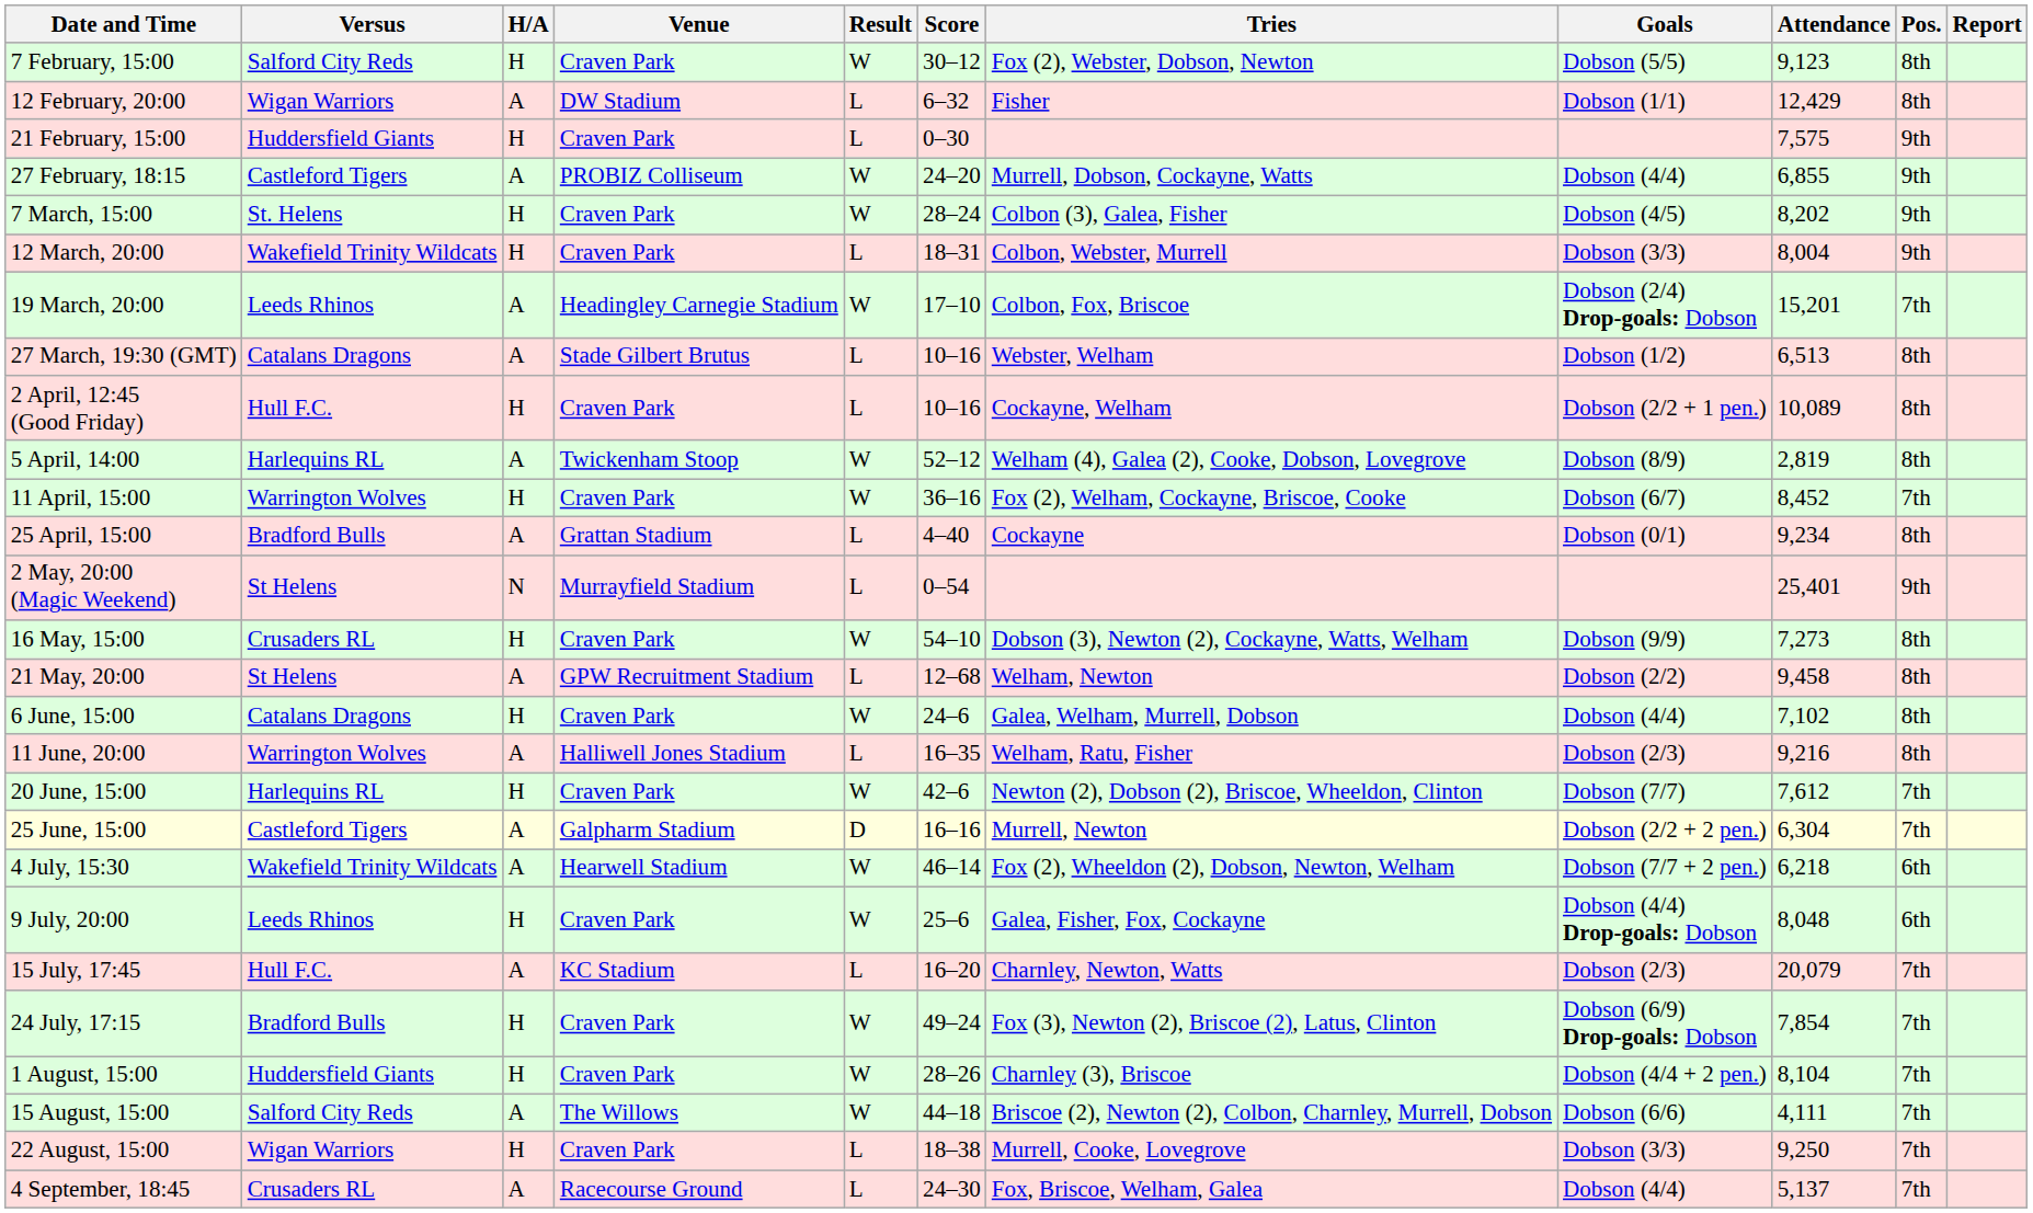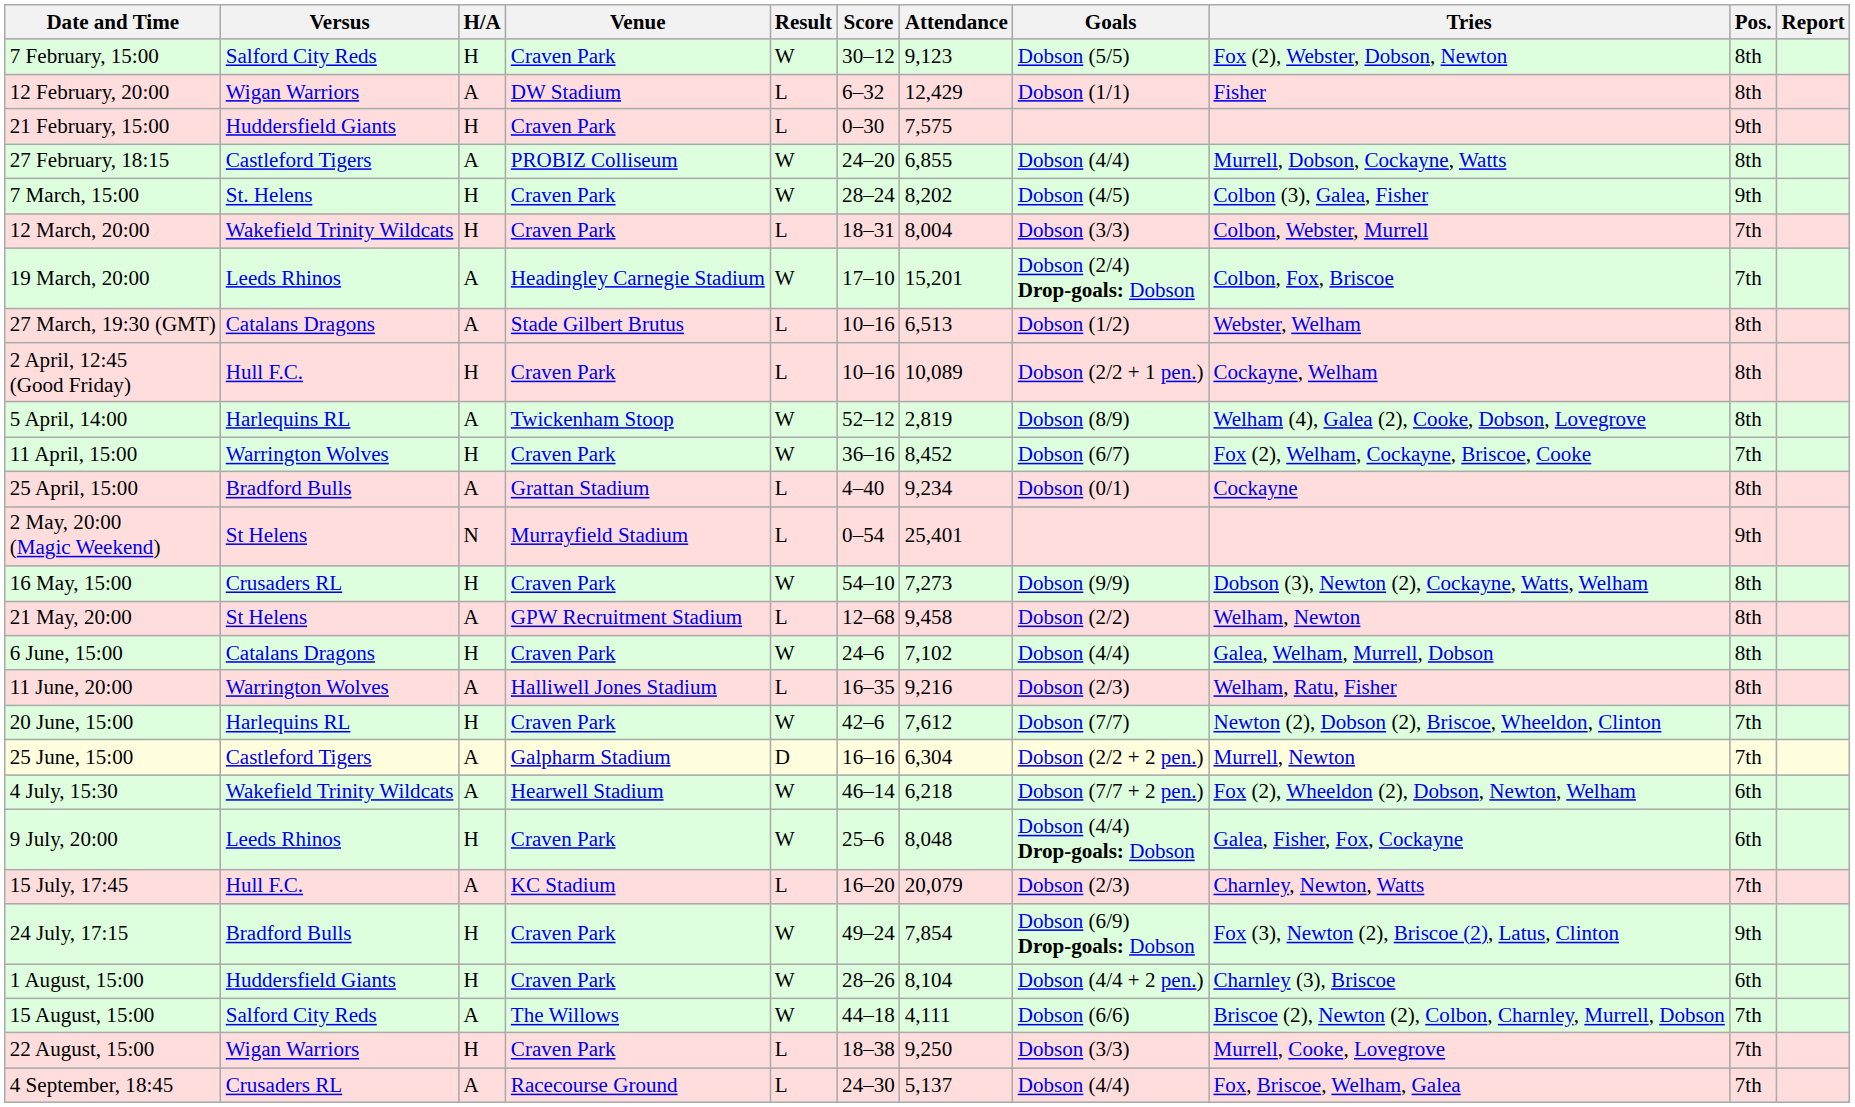 <table class="wikitable" style="font-size:85%;">
 <tr>
 <th>Date and Time</th>
 <th>Versus</th>
 <th>H/A</th>
 <th>Venue</th>
 <th>Result</th>
 <th>Score</th>
+<th>Attendance</th>
+<th>Goals</th>
 <th>Tries</th>
-<th>Goals</th>
-<th>Attendance</th>
 <th>Pos.</th>
 <th>Report</th>
 </tr>
 <tr style="background:#ddffdd">
 <td>7 February, 15:00</td>
 <td> <a href='#'>Salford City Reds</a></td>
 <td>H</td>
 <td><a href='#'>Craven Park</a></td>
 <td>W</td>
 <td>30–12</td>
+<td>9,123</td>
+<td><a href='#'>Dobson</a> (5/5)</td>
 <td><a href='#'>Fox</a> (2), <a href='#'>Webster</a>, <a href='#'>Dobson</a>, <a href='#'>Newton</a></td>
-<td><a href='#'>Dobson</a> (5/5)</td>
-<td>9,123</td>
 <td>8th</td>
 <td></td>
 </tr>
 <tr style="background:#ffdddd">
 <td>12 February, 20:00</td>
 <td> <a href='#'>Wigan Warriors</a></td>
 <td>A</td>
 <td><a href='#'>DW Stadium</a></td>
 <td>L</td>
 <td>6–32</td>
+<td>12,429</td>
+<td><a href='#'>Dobson</a> (1/1)</td>
 <td><a href='#'>Fisher</a></td>
-<td><a href='#'>Dobson</a> (1/1)</td>
-<td>12,429</td>
 <td>8th</td>
 <td></td>
 </tr>
 <tr style="background:#ffdddd">
 <td>21 February, 15:00</td>
 <td> <a href='#'>Huddersfield Giants</a></td>
 <td>H</td>
 <td><a href='#'>Craven Park</a></td>
 <td>L</td>
 <td>0–30</td>
+<td>7,575</td>
 <td></td>
 <td></td>
-<td>7,575</td>
 <td>9th</td>
 <td></td>
 </tr>
 <tr style="background:#ddffdd">
 <td>27 February, 18:15</td>
 <td> <a href='#'>Castleford Tigers</a></td>
 <td>A</td>
 <td><a href='#'>PROBIZ Colliseum</a></td>
 <td>W</td>
 <td>24–20</td>
+<td>6,855</td>
+<td><a href='#'>Dobson</a> (4/4)</td>
 <td><a href='#'>Murrell</a>, <a href='#'>Dobson</a>, <a href='#'>Cockayne</a>, <a href='#'>Watts</a></td>
-<td><a href='#'>Dobson</a> (4/4)</td>
-<td>6,855</td>
-<td>9th</td>
+<td>8th</td>
 <td></td>
 </tr>
 <tr style="background:#ddffdd">
 <td>7 March, 15:00</td>
 <td> <a href='#'>St. Helens</a></td>
 <td>H</td>
 <td><a href='#'>Craven Park</a></td>
 <td>W</td>
 <td>28–24</td>
+<td>8,202</td>
+<td><a href='#'>Dobson</a> (4/5)</td>
 <td><a href='#'>Colbon</a> (3), <a href='#'>Galea</a>, <a href='#'>Fisher</a></td>
-<td><a href='#'>Dobson</a> (4/5)</td>
-<td>8,202</td>
 <td>9th</td>
 <td></td>
 </tr>
 <tr style="background:#ffdddd">
 <td>12 March, 20:00</td>
 <td> <a href='#'>Wakefield Trinity Wildcats</a></td>
 <td>H</td>
 <td><a href='#'>Craven Park</a></td>
 <td>L</td>
 <td>18–31</td>
+<td>8,004</td>
+<td><a href='#'>Dobson</a> (3/3)</td>
 <td><a href='#'>Colbon</a>, <a href='#'>Webster</a>, <a href='#'>Murrell</a></td>
-<td><a href='#'>Dobson</a> (3/3)</td>
-<td>8,004</td>
-<td>9th</td>
+<td>7th</td>
 <td></td>
 </tr>
 <tr style="background:#ddffdd">
 <td>19 March, 20:00</td>
 <td> <a href='#'>Leeds Rhinos</a></td>
 <td>A</td>
 <td><a href='#'>Headingley Carnegie Stadium</a></td>
 <td>W</td>
 <td>17–10</td>
+<td>15,201</td>
+<td><a href='#'>Dobson</a> (2/4)<br><strong>Drop-goals:</strong> <a href='#'>Dobson</a></td>
 <td><a href='#'>Colbon</a>, <a href='#'>Fox</a>, <a href='#'>Briscoe</a></td>
-<td><a href='#'>Dobson</a> (2/4)<br><strong>Drop-goals:</strong> <a href='#'>Dobson</a></td>
-<td>15,201</td>
 <td>7th</td>
 <td></td>
 </tr>
 <tr style="background:#ffdddd">
 <td>27 March, 19:30 (GMT)</td>
 <td> <a href='#'>Catalans Dragons</a></td>
 <td>A</td>
 <td><a href='#'>Stade Gilbert Brutus</a></td>
 <td>L</td>
 <td>10–16</td>
+<td>6,513</td>
+<td><a href='#'>Dobson</a> (1/2)</td>
 <td><a href='#'>Webster</a>, <a href='#'>Welham</a></td>
-<td><a href='#'>Dobson</a> (1/2)</td>
-<td>6,513</td>
 <td>8th</td>
 <td></td>
 </tr>
 <tr style="background:#ffdddd">
 <td>2 April, 12:45<br>(Good Friday)</td>
 <td> <a href='#'>Hull F.C.</a></td>
 <td>H</td>
 <td><a href='#'>Craven Park</a></td>
 <td>L</td>
 <td>10–16</td>
+<td>10,089</td>
+<td><a href='#'>Dobson</a> (2/2 + 1 <a href='#'>pen.</a>)</td>
 <td><a href='#'>Cockayne</a>, <a href='#'>Welham</a></td>
-<td><a href='#'>Dobson</a> (2/2 + 1 <a href='#'>pen.</a>)</td>
-<td>10,089</td>
 <td>8th</td>
 <td></td>
 </tr>
 <tr style="background:#ddffdd">
 <td>5 April, 14:00</td>
 <td> <a href='#'>Harlequins RL</a></td>
 <td>A</td>
 <td><a href='#'>Twickenham Stoop</a></td>
 <td>W</td>
 <td>52–12</td>
+<td>2,819</td>
+<td><a href='#'>Dobson</a> (8/9)</td>
 <td><a href='#'>Welham</a> (4), <a href='#'>Galea</a> (2), <a href='#'>Cooke</a>, <a href='#'>Dobson</a>, <a href='#'>Lovegrove</a></td>
-<td><a href='#'>Dobson</a> (8/9)</td>
-<td>2,819</td>
 <td>8th</td>
 <td></td>
 </tr>
 <tr style="background:#ddffdd">
 <td>11 April, 15:00</td>
 <td> <a href='#'>Warrington Wolves</a></td>
 <td>H</td>
 <td><a href='#'>Craven Park</a></td>
 <td>W</td>
 <td>36–16</td>
+<td>8,452</td>
+<td><a href='#'>Dobson</a> (6/7)</td>
 <td><a href='#'>Fox</a> (2), <a href='#'>Welham</a>, <a href='#'>Cockayne</a>, <a href='#'>Briscoe</a>, <a href='#'>Cooke</a></td>
-<td><a href='#'>Dobson</a> (6/7)</td>
-<td>8,452</td>
 <td>7th</td>
 <td></td>
 </tr>
 <tr style="background:#ffdddd">
 <td>25 April, 15:00</td>
 <td> <a href='#'>Bradford Bulls</a></td>
 <td>A</td>
 <td><a href='#'>Grattan Stadium</a></td>
 <td>L</td>
 <td>4–40</td>
+<td>9,234</td>
+<td><a href='#'>Dobson</a> (0/1)</td>
 <td><a href='#'>Cockayne</a></td>
-<td><a href='#'>Dobson</a> (0/1)</td>
-<td>9,234</td>
 <td>8th</td>
 <td></td>
 </tr>
 <tr style="background:#ffdddd">
 <td>2 May, 20:00<br>(<a href='#'>Magic Weekend</a>)</td>
 <td> <a href='#'>St Helens</a></td>
 <td>N</td>
 <td><a href='#'>Murrayfield Stadium</a></td>
 <td>L</td>
 <td>0–54</td>
+<td>25,401</td>
 <td></td>
 <td></td>
-<td>25,401</td>
 <td>9th</td>
 <td></td>
 </tr>
 <tr style="background:#ddffdd">
 <td>16 May, 15:00</td>
 <td> <a href='#'>Crusaders RL</a></td>
 <td>H</td>
 <td><a href='#'>Craven Park</a></td>
 <td>W</td>
 <td>54–10</td>
+<td>7,273</td>
+<td><a href='#'>Dobson</a> (9/9)</td>
 <td><a href='#'>Dobson</a> (3), <a href='#'>Newton</a> (2), <a href='#'>Cockayne</a>, <a href='#'>Watts</a>, <a href='#'>Welham</a></td>
-<td><a href='#'>Dobson</a> (9/9)</td>
-<td>7,273</td>
 <td>8th</td>
 <td></td>
 </tr>
 <tr style="background:#ffdddd">
 <td>21 May, 20:00</td>
 <td> <a href='#'>St Helens</a></td>
 <td>A</td>
 <td><a href='#'>GPW Recruitment Stadium</a></td>
 <td>L</td>
 <td>12–68</td>
+<td>9,458</td>
+<td><a href='#'>Dobson</a> (2/2)</td>
 <td><a href='#'>Welham</a>, <a href='#'>Newton</a></td>
-<td><a href='#'>Dobson</a> (2/2)</td>
-<td>9,458</td>
 <td>8th</td>
 <td></td>
 </tr>
 <tr style="background:#ddffdd">
 <td>6 June, 15:00</td>
 <td> <a href='#'>Catalans Dragons</a></td>
 <td>H</td>
 <td><a href='#'>Craven Park</a></td>
 <td>W</td>
 <td>24–6</td>
+<td>7,102</td>
+<td><a href='#'>Dobson</a> (4/4)</td>
 <td><a href='#'>Galea</a>, <a href='#'>Welham</a>, <a href='#'>Murrell</a>, <a href='#'>Dobson</a></td>
-<td><a href='#'>Dobson</a> (4/4)</td>
-<td>7,102</td>
 <td>8th</td>
 <td></td>
 </tr>
 <tr style="background:#ffdddd">
 <td>11 June, 20:00</td>
 <td> <a href='#'>Warrington Wolves</a></td>
 <td>A</td>
 <td><a href='#'>Halliwell Jones Stadium</a></td>
 <td>L</td>
 <td>16–35</td>
+<td>9,216</td>
+<td><a href='#'>Dobson</a> (2/3)</td>
 <td><a href='#'>Welham</a>, <a href='#'>Ratu</a>, <a href='#'>Fisher</a></td>
-<td><a href='#'>Dobson</a> (2/3)</td>
-<td>9,216</td>
 <td>8th</td>
 <td></td>
 </tr>
 <tr style="background:#ddffdd">
 <td>20 June, 15:00</td>
 <td> <a href='#'>Harlequins RL</a></td>
 <td>H</td>
 <td><a href='#'>Craven Park</a></td>
 <td>W</td>
 <td>42–6</td>
+<td>7,612</td>
+<td><a href='#'>Dobson</a> (7/7)</td>
 <td><a href='#'>Newton</a> (2), <a href='#'>Dobson</a> (2), <a href='#'>Briscoe</a>, <a href='#'>Wheeldon</a>, <a href='#'>Clinton</a></td>
-<td><a href='#'>Dobson</a> (7/7)</td>
-<td>7,612</td>
 <td>7th</td>
 <td></td>
 </tr>
 <tr style="background:#ffffdd">
 <td>25 June, 15:00</td>
 <td> <a href='#'>Castleford Tigers</a></td>
 <td>A</td>
 <td><a href='#'>Galpharm Stadium</a></td>
 <td>D</td>
 <td>16–16</td>
+<td>6,304</td>
+<td><a href='#'>Dobson</a> (2/2 + 2 <a href='#'>pen.</a>)</td>
 <td><a href='#'>Murrell</a>, <a href='#'>Newton</a></td>
-<td><a href='#'>Dobson</a> (2/2 + 2 <a href='#'>pen.</a>)</td>
-<td>6,304</td>
 <td>7th</td>
 <td></td>
 </tr>
 <tr style="background:#ddffdd">
 <td>4 July, 15:30</td>
 <td> <a href='#'>Wakefield Trinity Wildcats</a></td>
 <td>A</td>
 <td><a href='#'>Hearwell Stadium</a></td>
 <td>W</td>
 <td>46–14</td>
+<td>6,218</td>
+<td><a href='#'>Dobson</a> (7/7 + 2 <a href='#'>pen.</a>)</td>
 <td><a href='#'>Fox</a> (2), <a href='#'>Wheeldon</a> (2), <a href='#'>Dobson</a>, <a href='#'>Newton</a>, <a href='#'>Welham</a></td>
-<td><a href='#'>Dobson</a> (7/7 + 2 <a href='#'>pen.</a>)</td>
-<td>6,218</td>
 <td>6th</td>
 <td></td>
 </tr>
 <tr style="background:#ddffdd">
 <td>9 July, 20:00</td>
 <td> <a href='#'>Leeds Rhinos</a></td>
 <td>H</td>
 <td><a href='#'>Craven Park</a></td>
 <td>W</td>
 <td>25–6</td>
+<td>8,048</td>
+<td><a href='#'>Dobson</a> (4/4)<br><strong>Drop-goals:</strong> <a href='#'>Dobson</a></td>
 <td><a href='#'>Galea</a>, <a href='#'>Fisher</a>, <a href='#'>Fox</a>, <a href='#'>Cockayne</a></td>
-<td><a href='#'>Dobson</a> (4/4)<br><strong>Drop-goals:</strong> <a href='#'>Dobson</a></td>
-<td>8,048</td>
 <td>6th</td>
 <td></td>
 </tr>
 <tr style="background:#ffdddd">
 <td>15 July, 17:45</td>
 <td> <a href='#'>Hull F.C.</a></td>
 <td>A</td>
 <td><a href='#'>KC Stadium</a></td>
 <td>L</td>
 <td>16–20</td>
+<td>20,079</td>
+<td><a href='#'>Dobson</a> (2/3)</td>
 <td><a href='#'>Charnley</a>, <a href='#'>Newton</a>, <a href='#'>Watts</a></td>
-<td><a href='#'>Dobson</a> (2/3)</td>
-<td>20,079</td>
 <td>7th</td>
 <td></td>
 </tr>
 <tr style="background:#ddffdd">
 <td>24 July, 17:15</td>
 <td> <a href='#'>Bradford Bulls</a></td>
 <td>H</td>
 <td><a href='#'>Craven Park</a></td>
 <td>W</td>
 <td>49–24</td>
+<td>7,854</td>
+<td><a href='#'>Dobson</a> (6/9)<br><strong>Drop-goals:</strong> <a href='#'>Dobson</a></td>
 <td><a href='#'>Fox</a> (3), <a href='#'>Newton</a> (2), <a href='#'>Briscoe (2)</a>, <a href='#'>Latus</a>, <a href='#'>Clinton</a></td>
-<td><a href='#'>Dobson</a> (6/9)<br><strong>Drop-goals:</strong> <a href='#'>Dobson</a></td>
-<td>7,854</td>
-<td>7th</td>
+<td>9th</td>
 <td></td>
 </tr>
 <tr style="background:#ddffdd">
 <td>1 August, 15:00</td>
 <td> <a href='#'>Huddersfield Giants</a></td>
 <td>H</td>
 <td><a href='#'>Craven Park</a></td>
 <td>W</td>
 <td>28–26</td>
+<td>8,104</td>
+<td><a href='#'>Dobson</a> (4/4 + 2 <a href='#'>pen.</a>)</td>
 <td><a href='#'>Charnley</a> (3), <a href='#'>Briscoe</a></td>
-<td><a href='#'>Dobson</a> (4/4 + 2 <a href='#'>pen.</a>)</td>
-<td>8,104</td>
-<td>7th</td>
+<td>6th</td>
 <td></td>
 </tr>
 <tr style="background:#ddffdd">
 <td>15 August, 15:00</td>
 <td> <a href='#'>Salford City Reds</a></td>
 <td>A</td>
 <td><a href='#'>The Willows</a></td>
 <td>W</td>
 <td>44–18</td>
+<td>4,111</td>
+<td><a href='#'>Dobson</a> (6/6)</td>
 <td><a href='#'>Briscoe</a> (2), <a href='#'>Newton</a> (2), <a href='#'>Colbon</a>, <a href='#'>Charnley</a>, <a href='#'>Murrell</a>, <a href='#'>Dobson</a></td>
-<td><a href='#'>Dobson</a> (6/6)</td>
-<td>4,111</td>
 <td>7th</td>
 <td></td>
 </tr>
 <tr style="background:#ffdddd">
 <td>22 August, 15:00</td>
 <td> <a href='#'>Wigan Warriors</a></td>
 <td>H</td>
 <td><a href='#'>Craven Park</a></td>
 <td>L</td>
 <td>18–38</td>
+<td>9,250</td>
+<td><a href='#'>Dobson</a> (3/3)</td>
 <td><a href='#'>Murrell</a>, <a href='#'>Cooke</a>, <a href='#'>Lovegrove</a></td>
-<td><a href='#'>Dobson</a> (3/3)</td>
-<td>9,250</td>
 <td>7th</td>
 <td></td>
 </tr>
 <tr style="background:#ffdddd">
 <td>4 September, 18:45</td>
 <td> <a href='#'>Crusaders RL</a></td>
 <td>A</td>
 <td><a href='#'>Racecourse Ground</a></td>
 <td>L</td>
 <td>24–30</td>
+<td>5,137</td>
+<td><a href='#'>Dobson</a> (4/4)</td>
 <td><a href='#'>Fox</a>, <a href='#'>Briscoe</a>, <a href='#'>Welham</a>, <a href='#'>Galea</a></td>
-<td><a href='#'>Dobson</a> (4/4)</td>
-<td>5,137</td>
 <td>7th</td>
 <td></td>
 </tr>
 </table>
